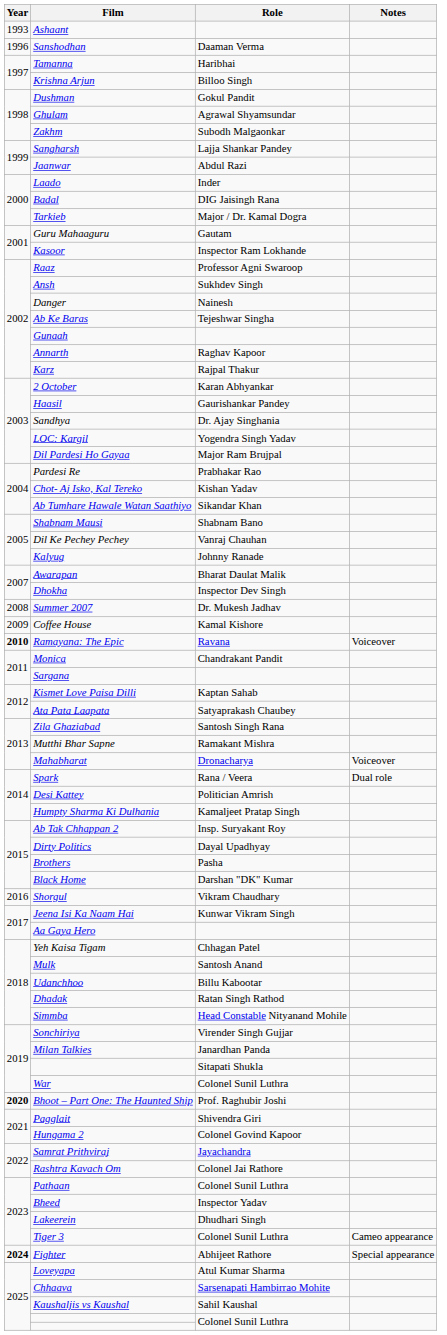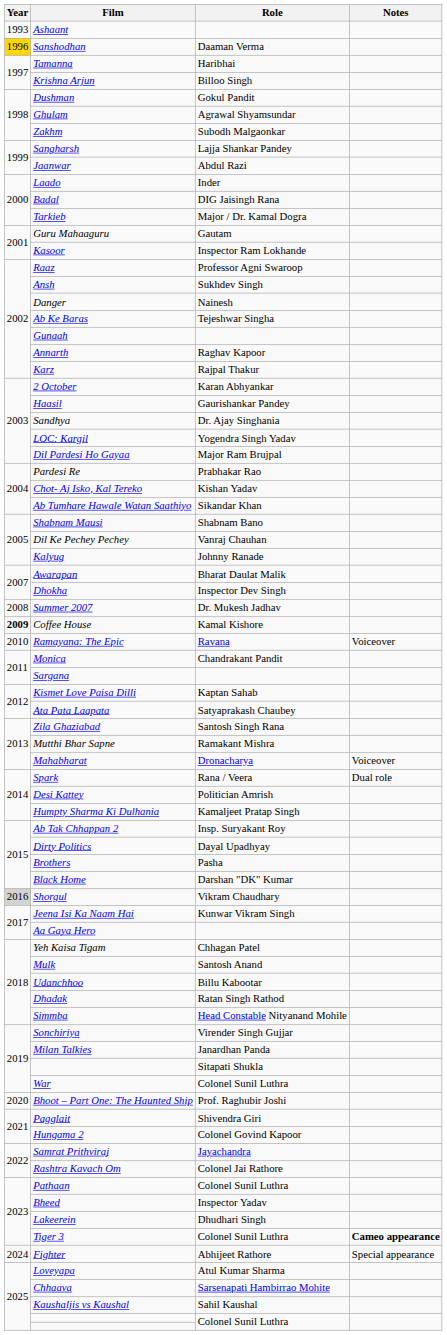 <table class="wikitable sortable">
 <tr>
 <th>Year</th>
 <th>Film</th>
 <th>Role</th>
 <th>Notes</th>
 </tr>
 <tr>
 <td>1993</td>
 <td><a href='#'><em>Ashaant</em></a></td>
 <td></td>
 <td></td>
 </tr>
 <tr>
-<td>1996</td>
+<td style="background: gold;">1996</td>
 <td><em><a href='#'>Sanshodhan</a></em></td>
 <td>Daaman Verma</td>
 <td></td>
 </tr>
 <tr>
 <td rowspan="2">1997</td>
 <td><em><a href='#'>Tamanna</a></em></td>
 <td>Haribhai</td>
 <td></td>
 </tr>
 <tr>
 <td><em><a href='#'>Krishna Arjun</a></em></td>
 <td>Billoo Singh</td>
 <td></td>
 </tr>
 <tr>
 <td rowspan="3">1998</td>
 <td><em><a href='#'>Dushman</a></em></td>
 <td>Gokul Pandit</td>
 <td></td>
 </tr>
 <tr>
 <td><em><a href='#'>Ghulam</a></em></td>
 <td>Agrawal Shyamsundar</td>
 <td></td>
 </tr>
 <tr>
 <td><em><a href='#'>Zakhm</a></em></td>
 <td>Subodh Malgaonkar</td>
 <td></td>
 </tr>
 <tr>
 <td rowspan="2">1999</td>
 <td><em><a href='#'>Sangharsh</a></em></td>
 <td>Lajja Shankar Pandey</td>
 <td></td>
 </tr>
 <tr>
 <td><em><a href='#'>Jaanwar</a></em></td>
 <td>Abdul Razi</td>
 <td></td>
 </tr>
 <tr>
 <td rowspan="3">2000</td>
 <td><em><a href='#'>Laado</a></em></td>
 <td>Inder</td>
 <td></td>
 </tr>
 <tr>
 <td><em><a href='#'>Badal</a></em></td>
 <td>DIG Jaisingh Rana</td>
 <td></td>
 </tr>
 <tr>
 <td><em><a href='#'>Tarkieb</a></em></td>
 <td>Major / Dr. Kamal Dogra</td>
 <td></td>
 </tr>
 <tr>
 <td rowspan="2">2001</td>
 <td><em>Guru Mahaaguru</em></td>
 <td>Gautam</td>
 <td></td>
 </tr>
 <tr>
 <td><em><a href='#'>Kasoor</a></em></td>
 <td>Inspector Ram Lokhande</td>
 <td></td>
 </tr>
 <tr>
 <td rowspan="7">2002</td>
 <td><em><a href='#'>Raaz</a></em></td>
 <td>Professor Agni Swaroop</td>
 <td></td>
 </tr>
 <tr>
 <td><em><a href='#'>Ansh</a></em></td>
 <td>Sukhdev Singh</td>
 <td></td>
 </tr>
 <tr>
 <td><em>Danger</em></td>
 <td>Nainesh</td>
 <td></td>
 </tr>
 <tr>
 <td><em><a href='#'>Ab Ke Baras</a></em></td>
 <td>Tejeshwar Singha</td>
 <td></td>
 </tr>
 <tr>
 <td><em><a href='#'>Gunaah</a></em></td>
 <td></td>
 <td></td>
 </tr>
 <tr>
 <td><em><a href='#'>Annarth</a></em></td>
 <td>Raghav Kapoor</td>
 <td></td>
 </tr>
 <tr>
 <td><em><a href='#'>Karz</a></em></td>
 <td>Rajpal Thakur</td>
 <td></td>
 </tr>
 <tr>
 <td rowspan="5">2003</td>
 <td><em><a href='#'>2 October</a></em></td>
 <td>Karan Abhyankar</td>
 <td></td>
 </tr>
 <tr>
 <td><em><a href='#'>Haasil</a></em></td>
 <td>Gaurishankar Pandey</td>
 <td></td>
 </tr>
 <tr>
 <td><em>Sandhya</em></td>
 <td>Dr. Ajay Singhania</td>
 <td></td>
 </tr>
 <tr>
 <td><em><a href='#'>LOC: Kargil</a></em></td>
 <td>Yogendra Singh Yadav</td>
 <td></td>
 </tr>
 <tr>
 <td><em><a href='#'>Dil Pardesi Ho Gayaa</a></em></td>
 <td>Major Ram Brujpal</td>
 <td></td>
 </tr>
 <tr>
 <td rowspan="3">2004</td>
 <td><em>Pardesi Re</em></td>
 <td>Prabhakar Rao</td>
 <td></td>
 </tr>
 <tr>
 <td><em><a href='#'>Chot- Aj Isko, Kal Tereko</a></em></td>
 <td>Kishan Yadav</td>
 <td></td>
 </tr>
 <tr>
 <td><em><a href='#'>Ab Tumhare Hawale Watan Saathiyo</a></em></td>
 <td>Sikandar Khan</td>
 <td></td>
 </tr>
 <tr>
 <td rowspan="3">2005</td>
 <td><em><a href='#'>Shabnam Mausi</a></em></td>
 <td>Shabnam Bano</td>
 <td></td>
 </tr>
 <tr>
 <td><em>Dil Ke Pechey Pechey</em></td>
 <td>Vanraj Chauhan</td>
 <td></td>
 </tr>
 <tr>
 <td><em><a href='#'>Kalyug</a></em></td>
 <td>Johnny Ranade</td>
 <td></td>
 </tr>
 <tr>
 <td rowspan="2">2007</td>
 <td><em><a href='#'>Awarapan</a></em></td>
 <td>Bharat Daulat Malik</td>
 <td></td>
 </tr>
 <tr>
 <td><em><a href='#'>Dhokha</a></em></td>
 <td>Inspector Dev Singh</td>
 <td></td>
 </tr>
 <tr>
 <td>2008</td>
 <td><em><a href='#'>Summer 2007</a></em></td>
 <td>Dr. Mukesh Jadhav</td>
 <td></td>
 </tr>
 <tr>
-<td>2009</td>
+<td><strong>2009</strong></td>
 <td><em>Coffee House</em></td>
 <td>Kamal Kishore</td>
 <td></td>
 </tr>
 <tr>
-<td><strong>2010</strong></td>
+<td>2010</td>
 <td><em><a href='#'>Ramayana: The Epic</a></em></td>
 <td><a href='#'>Ravana</a></td>
 <td>Voiceover</td>
 </tr>
 <tr>
 <td rowspan="2">2011</td>
 <td><em><a href='#'>Monica</a></em></td>
 <td>Chandrakant Pandit</td>
 <td></td>
 </tr>
 <tr>
 <td><em><a href='#'>Sargana</a></em></td>
 <td></td>
 <td></td>
 </tr>
 <tr>
 <td rowspan="2">2012</td>
 <td><em><a href='#'>Kismet Love Paisa Dilli</a></em></td>
 <td>Kaptan Sahab</td>
 <td></td>
 </tr>
 <tr>
 <td><em><a href='#'>Ata Pata Laapata</a></em></td>
 <td>Satyaprakash Chaubey</td>
 <td></td>
 </tr>
 <tr>
 <td rowspan="3">2013</td>
 <td><em><a href='#'>Zila Ghaziabad</a></em></td>
 <td>Santosh Singh Rana</td>
 <td></td>
 </tr>
 <tr>
 <td><em>Mutthi Bhar Sapne</em></td>
 <td>Ramakant Mishra</td>
 <td></td>
 </tr>
 <tr>
 <td><em><a href='#'>Mahabharat</a></em></td>
 <td><a href='#'>Dronacharya</a></td>
 <td>Voiceover</td>
 </tr>
 <tr>
 <td rowspan="3">2014</td>
 <td><em><a href='#'>Spark</a></em></td>
 <td>Rana / Veera</td>
 <td>Dual role</td>
 </tr>
 <tr>
 <td><em><a href='#'>Desi Kattey</a></em></td>
 <td>Politician Amrish</td>
 <td></td>
 </tr>
 <tr>
 <td><em><a href='#'>Humpty Sharma Ki Dulhania</a></em></td>
 <td>Kamaljeet Pratap Singh</td>
 <td></td>
 </tr>
 <tr>
 <td rowspan="4">2015</td>
 <td><em><a href='#'>Ab Tak Chhappan 2</a></em></td>
 <td>Insp. Suryakant Roy</td>
 <td></td>
 </tr>
 <tr>
 <td><em><a href='#'>Dirty Politics</a></em></td>
 <td>Dayal Upadhyay</td>
 <td></td>
 </tr>
 <tr>
 <td><em><a href='#'>Brothers</a></em></td>
 <td>Pasha</td>
 <td></td>
 </tr>
 <tr>
 <td><em><a href='#'>Black Home</a></em></td>
 <td>Darshan "DK" Kumar</td>
 <td></td>
 </tr>
 <tr>
-<td>2016</td>
+<td style="background: lightgrey;">2016</td>
 <td><em><a href='#'>Shorgul</a></em></td>
 <td>Vikram Chaudhary</td>
 <td></td>
 </tr>
 <tr>
 <td rowspan="2">2017</td>
 <td><em><a href='#'>Jeena Isi Ka Naam Hai</a></em></td>
 <td>Kunwar Vikram Singh</td>
 <td></td>
 </tr>
 <tr>
 <td><em><a href='#'>Aa Gaya Hero</a></em></td>
 <td></td>
 <td></td>
 </tr>
 <tr>
 <td rowspan="5">2018</td>
 <td><em>Yeh Kaisa Tigam</em></td>
 <td>Chhagan Patel</td>
 <td></td>
 </tr>
 <tr>
 <td><em><a href='#'>Mulk</a></em></td>
 <td>Santosh Anand</td>
 <td></td>
 </tr>
 <tr>
 <td><em><a href='#'>Udanchhoo</a></em></td>
 <td>Billu Kabootar</td>
 <td></td>
 </tr>
 <tr>
 <td><em><a href='#'>Dhadak</a></em></td>
 <td>Ratan Singh Rathod</td>
 <td></td>
 </tr>
 <tr>
 <td><em><a href='#'>Simmba</a></em></td>
 <td><a href='#'>Head Constable</a> Nityanand Mohile</td>
 <td></td>
 </tr>
 <tr>
 <td rowspan="4">2019</td>
 <td><em><a href='#'>Sonchiriya</a></em></td>
 <td>Virender Singh Gujjar</td>
 <td></td>
 </tr>
 <tr>
 <td><em><a href='#'>Milan Talkies</a></em></td>
 <td>Janardhan Panda</td>
 <td></td>
 </tr>
 <tr>
 <td></td>
 <td>Sitapati Shukla</td>
 <td></td>
 </tr>
 <tr>
 <td><em><a href='#'>War</a></em></td>
 <td>Colonel Sunil Luthra</td>
 <td></td>
 </tr>
 <tr>
-<td><strong>2020</strong></td>
+<td>2020</td>
 <td><em><a href='#'>Bhoot – Part One: The Haunted Ship</a></em></td>
 <td>Prof. Raghubir Joshi</td>
 <td></td>
 </tr>
 <tr>
 <td rowspan="2">2021</td>
 <td><em><a href='#'>Pagglait</a></em></td>
 <td>Shivendra Giri</td>
 <td></td>
 </tr>
 <tr>
 <td><em><a href='#'>Hungama 2</a></em></td>
 <td>Colonel Govind Kapoor</td>
 <td></td>
 </tr>
 <tr>
 <td rowspan="2">2022</td>
 <td><em><a href='#'>Samrat Prithviraj</a></em></td>
 <td><a href='#'>Jayachandra</a></td>
 <td></td>
 </tr>
 <tr>
 <td><em><a href='#'>Rashtra Kavach Om</a></em></td>
 <td>Colonel Jai Rathore</td>
 <td></td>
 </tr>
 <tr>
 <td rowspan="4">2023</td>
 <td><em><a href='#'>Pathaan</a></em></td>
 <td>Colonel Sunil Luthra</td>
 <td></td>
 </tr>
 <tr>
 <td><em><a href='#'>Bheed</a></em></td>
 <td>Inspector Yadav</td>
 <td></td>
 </tr>
 <tr>
 <td><em><a href='#'>Lakeerein</a></em></td>
 <td>Dhudhari Singh</td>
 <td></td>
 </tr>
 <tr>
 <td><em><a href='#'>Tiger 3</a></em></td>
 <td>Colonel Sunil Luthra</td>
-<td>Cameo appearance</td>
+<td><strong>Cameo appearance</strong></td>
 </tr>
 <tr>
-<td><strong>2024</strong></td>
+<td>2024</td>
 <td><em><a href='#'>Fighter</a></em></td>
 <td>Abhijeet Rathore</td>
 <td>Special appearance</td>
 </tr>
 <tr>
 <td rowspan="5">2025</td>
 <td><em><a href='#'>Loveyapa</a></em></td>
 <td>Atul Kumar Sharma</td>
 <td></td>
 </tr>
 <tr>
 <td><em><a href='#'>Chhaava</a></em></td>
 <td><a href='#'>Sarsenapati Hambirrao Mohite</a></td>
 <td></td>
 </tr>
 <tr>
 <td><em><a href='#'>Kaushaljis vs Kaushal</a></em></td>
 <td>Sahil Kaushal</td>
 <td></td>
 </tr>
 <tr>
 <td></td>
 <td rowspan="2">Colonel Sunil Luthra</td>
 <td rowspan="2"></td>
 </tr>
 <tr>
 <td></td>
 </tr>
 </table>
